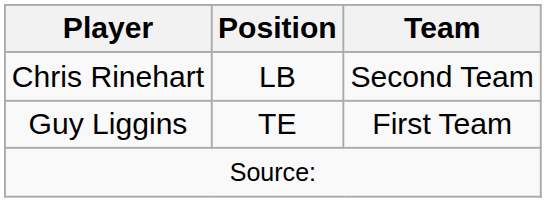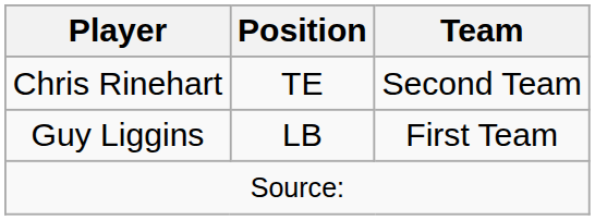 <table class="wikitable" style="text-align: center">
 <tr align=center>
 <th>Player</th>
 <th>Position</th>
 <th>Team</th>
 </tr>
 <tr>
 <td>Chris Rinehart</td>
-<td>LB</td>
+<td>TE</td>
 <td>Second Team</td>
 </tr>
 <tr>
 <td>Guy Liggins</td>
-<td>TE</td>
+<td>LB</td>
 <td>First Team</td>
 </tr>
 <tr>
 <td colspan="3"><small>Source:</small></td>
 </tr>
 </table>
